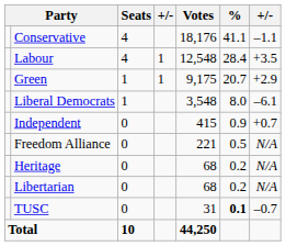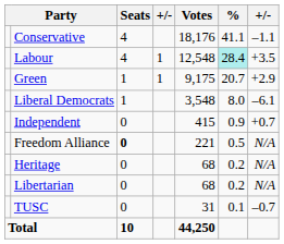 <table class="wikitable sortable">
 <tr>
 <th colspan="2">Party</th>
 <th>Seats</th>
 <th>+/-</th>
 <th>Votes</th>
 <th>%</th>
 <th>+/-</th>
 </tr>
 <tr>
 <td style="background-color: "></td>
 <td><a href='#'>Conservative</a></td>
 <td>4</td>
 <td></td>
 <td style="text-align:right;">18,176</td>
 <td style="text-align:right;">41.1</td>
 <td style="text-align:right;">–1.1</td>
 </tr>
 <tr>
 <td style="background-color: "></td>
 <td><a href='#'>Labour</a></td>
 <td>4</td>
 <td> 1</td>
 <td style="text-align:right;">12,548</td>
-<td style="text-align:right;">28.4</td>
+<td style="background: paleturquoise; text-align:right;">28.4</td>
 <td style="text-align:right;">+3.5</td>
 </tr>
 <tr>
 <td style="background-color: "></td>
 <td><a href='#'>Green</a></td>
 <td>1</td>
 <td> 1</td>
 <td style="text-align:right;">9,175</td>
 <td style="text-align:right;">20.7</td>
 <td style="text-align:right;">+2.9</td>
 </tr>
 <tr>
 <td style="background-color: "></td>
 <td><a href='#'>Liberal Democrats</a></td>
 <td>1</td>
 <td></td>
 <td style="text-align:right;">3,548</td>
 <td style="text-align:right;">8.0</td>
 <td style="text-align:right;">–6.1</td>
 </tr>
 <tr>
 <td style="background-color: "></td>
 <td><a href='#'>Independent</a></td>
 <td>0</td>
 <td></td>
 <td style="text-align:right;">415</td>
 <td style="text-align:right;">0.9</td>
 <td style="text-align:right;">+0.7</td>
 </tr>
 <tr>
 <td style="background-color: "></td>
 <td>Freedom Alliance</td>
-<td>0</td>
+<td><strong>0</strong></td>
 <td></td>
 <td style="text-align:right;">221</td>
 <td style="text-align:right;">0.5</td>
 <td style="text-align:right;"><em>N/A</em></td>
 </tr>
 <tr>
 <td style="background-color: "></td>
 <td><a href='#'>Heritage</a></td>
 <td>0</td>
 <td></td>
 <td style="text-align:right;">68</td>
 <td style="text-align:right;">0.2</td>
 <td style="text-align:right;"><em>N/A</em></td>
 </tr>
 <tr>
 <td style="background-color: "></td>
 <td><a href='#'>Libertarian</a></td>
 <td>0</td>
 <td></td>
 <td style="text-align:right;">68</td>
 <td style="text-align:right;">0.2</td>
 <td style="text-align:right;"><em>N/A</em></td>
 </tr>
 <tr>
 <td style="background-color: "></td>
 <td><a href='#'>TUSC</a></td>
 <td>0</td>
 <td></td>
 <td style="text-align:right;">31</td>
-<td style="text-align:right;"><strong>0.1</strong></td>
+<td style="text-align:right;">0.1</td>
 <td style="text-align:right;">–0.7</td>
 </tr>
 <tr>
 <td colspan="2"><strong>Total</strong></td>
 <td><strong>10</strong></td>
 <td></td>
 <td style="text-align:right;"><strong>44,250</strong></td>
 <td style="text-align:right;"></td>
 <td style="text-align:right;"></td>
 </tr>
 </table>
